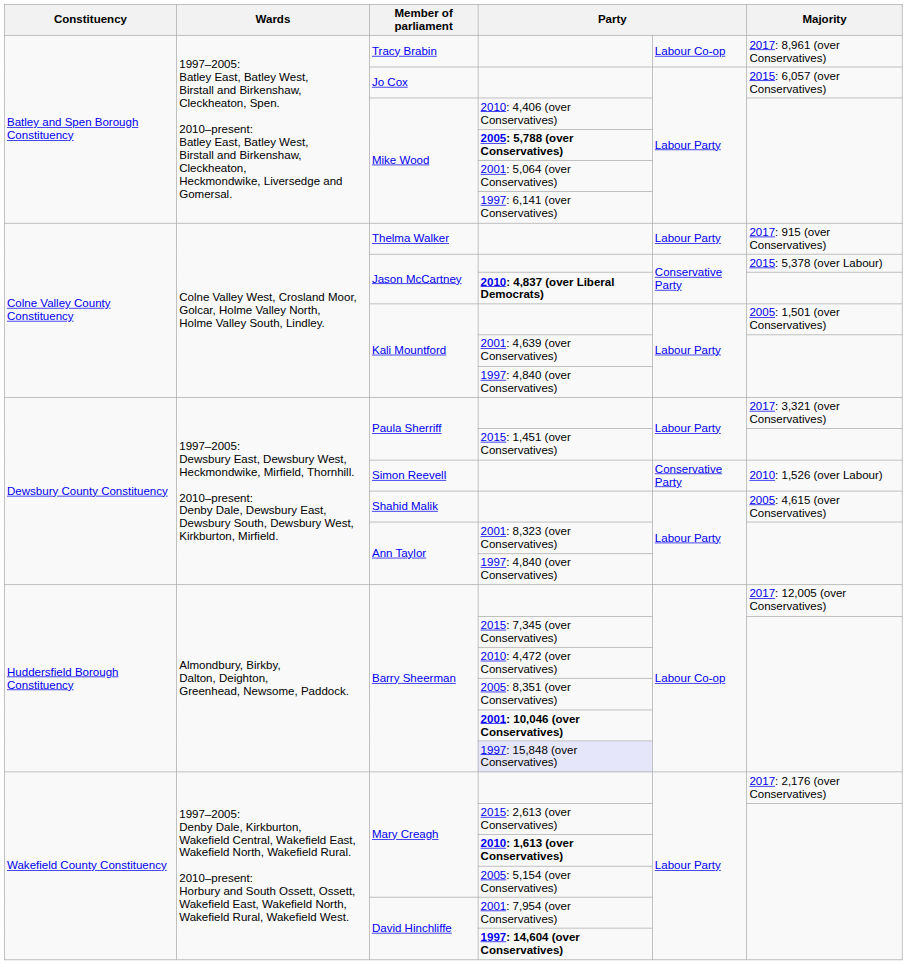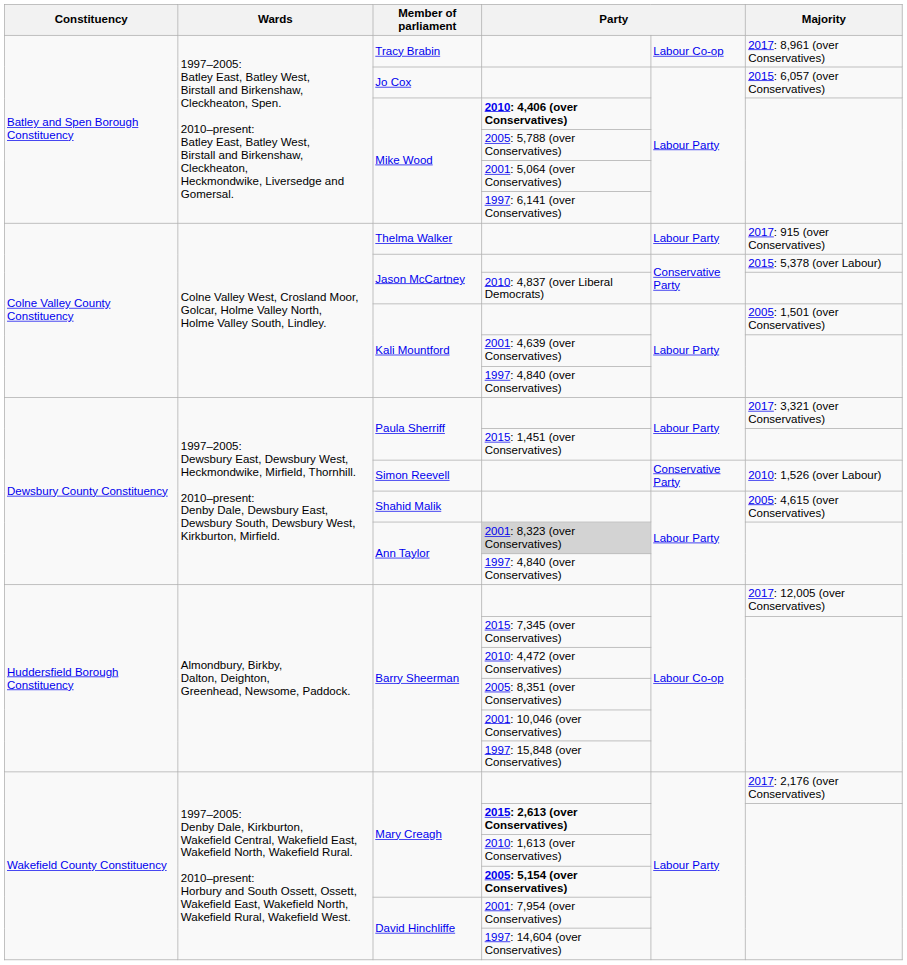 <table class="wikitable">
 <tr>
 <th>Constituency</th>
 <th>Wards</th>
 <th>Member of parliament</th>
 <th colspan=2>Party</th>
 <th>Majority</th>
 </tr>
 <tr>
 <td rowspan=6><a href='#'>Batley and Spen Borough Constituency</a></td>
 <td rowspan=6>1997–2005:<br>Batley East, Batley West,<br>Birstall and Birkenshaw, Cleckheaton, Spen.<br><br>2010–present:<br> Batley East, Batley West,<br>Birstall and Birkenshaw, Cleckheaton,<br>Heckmondwike, Liversedge and Gomersal.</td>
 <td><a href='#'>Tracy Brabin</a></td>
 <td style="color:inherit;background:"></td>
 <td><a href='#'>Labour Co-op</a></td>
 <td><a href='#'>2017</a>: 8,961 (over Conservatives)</td>
 </tr>
 <tr>
 <td><a href='#'>Jo Cox</a></td>
 <td style="color:inherit;background:"></td>
 <td rowspan=5><a href='#'>Labour Party</a></td>
 <td><a href='#'>2015</a>: 6,057 (over Conservatives)</td>
 </tr>
 <tr>
 <td rowspan=4><a href='#'>Mike Wood</a></td>
-<td><a href='#'>2010</a>: 4,406 (over Conservatives)</td>
+<td><strong><a href='#'>2010</a>: 4,406 (over Conservatives)</strong></td>
 </tr>
 <tr>
-<td><strong><a href='#'>2005</a>: 5,788 (over Conservatives)</strong></td>
+<td><a href='#'>2005</a>: 5,788 (over Conservatives)</td>
 </tr>
 <tr>
 <td><a href='#'>2001</a>: 5,064 (over Conservatives)</td>
 </tr>
 <tr>
 <td><a href='#'>1997</a>: 6,141 (over Conservatives)</td>
 </tr>
 <tr>
 <td rowspan=6><a href='#'>Colne Valley County Constituency</a></td>
 <td rowspan=6>Colne Valley West, Crosland Moor,<br> Golcar, Holme Valley North,<br> Holme Valley South, Lindley.</td>
 <td><a href='#'>Thelma Walker</a></td>
 <td style="color:inherit;background:"></td>
 <td><a href='#'>Labour Party</a></td>
 <td><a href='#'>2017</a>: 915 (over Conservatives)</td>
 </tr>
 <tr>
 <td rowspan=2><a href='#'>Jason McCartney</a></td>
 <td style="color:inherit;background:"></td>
 <td rowspan=2><a href='#'>Conservative Party</a></td>
 <td><a href='#'>2015</a>: 5,378 (over Labour)</td>
 </tr>
 <tr>
-<td><strong><a href='#'>2010</a>: 4,837 (over Liberal Democrats)</strong></td>
+<td><a href='#'>2010</a>: 4,837 (over Liberal Democrats)</td>
 </tr>
 <tr>
 <td rowspan=3><a href='#'>Kali Mountford</a></td>
 <td style="color:inherit;background:"></td>
 <td rowspan=3><a href='#'>Labour Party</a></td>
 <td><a href='#'>2005</a>: 1,501 (over Conservatives)</td>
 </tr>
 <tr>
 <td><a href='#'>2001</a>: 4,639 (over Conservatives)</td>
 </tr>
 <tr>
 <td><a href='#'>1997</a>: 4,840 (over Conservatives)</td>
 </tr>
 <tr>
 <td rowspan=6><a href='#'>Dewsbury County Constituency</a></td>
 <td rowspan=6>1997–2005:<br>Dewsbury East, Dewsbury West,<br>Heckmondwike, Mirfield, Thornhill.<br><br>2010–present:<br>Denby Dale, Dewsbury East,<br>Dewsbury South, Dewsbury West,<br>Kirkburton, Mirfield.</td>
 <td rowspan=2><a href='#'>Paula Sherriff</a></td>
 <td style="color:inherit;background:"></td>
 <td rowspan=2><a href='#'>Labour Party</a></td>
 <td><a href='#'>2017</a>: 3,321 (over Conservatives)</td>
 </tr>
 <tr>
 <td><a href='#'>2015</a>: 1,451 (over Conservatives)</td>
 </tr>
 <tr>
 <td><a href='#'>Simon Reevell</a></td>
 <td style="color:inherit;background:"></td>
 <td><a href='#'>Conservative Party</a></td>
 <td><a href='#'>2010</a>: 1,526 (over Labour)</td>
 </tr>
 <tr>
 <td><a href='#'>Shahid Malik</a></td>
 <td style="color:inherit;background:"></td>
 <td rowspan=3><a href='#'>Labour Party</a></td>
 <td><a href='#'>2005</a>: 4,615 (over Conservatives)</td>
 </tr>
 <tr>
 <td rowspan=2><a href='#'>Ann Taylor</a></td>
-<td><a href='#'>2001</a>: 8,323 (over Conservatives)</td>
+<td style="background: lightgrey;"><a href='#'>2001</a>: 8,323 (over Conservatives)</td>
 </tr>
 <tr>
 <td><a href='#'>1997</a>: 4,840 (over Conservatives)</td>
 </tr>
 <tr>
 <td rowspan=6><a href='#'>Huddersfield Borough Constituency</a></td>
 <td rowspan=6>Almondbury, Birkby,<br>Dalton, Deighton,<br>Greenhead, Newsome, Paddock.</td>
 <td rowspan=6><a href='#'>Barry Sheerman</a></td>
 <td style="color:inherit;background:"></td>
 <td rowspan=6><a href='#'>Labour Co-op</a></td>
 <td><a href='#'>2017</a>: 12,005 (over Conservatives)</td>
 </tr>
 <tr>
 <td><a href='#'>2015</a>: 7,345 (over Conservatives)</td>
 </tr>
 <tr>
 <td><a href='#'>2010</a>: 4,472 (over Conservatives)</td>
 </tr>
 <tr>
 <td><a href='#'>2005</a>: 8,351 (over Conservatives)</td>
 </tr>
 <tr>
-<td><strong><a href='#'>2001</a>: 10,046 (over Conservatives)</strong></td>
+<td><a href='#'>2001</a>: 10,046 (over Conservatives)</td>
 </tr>
 <tr>
-<td style="background: lavender;"><a href='#'>1997</a>: 15,848 (over Conservatives)</td>
+<td><a href='#'>1997</a>: 15,848 (over Conservatives)</td>
 </tr>
 <tr>
 <td rowspan=6><a href='#'>Wakefield County Constituency</a></td>
 <td rowspan=6>1997–2005:<br>Denby Dale, Kirkburton,<br>Wakefield Central, Wakefield East,<br>Wakefield North, Wakefield Rural.<br><br>2010–present:<br>Horbury and South Ossett, Ossett,<br>Wakefield East, Wakefield North,<br>Wakefield Rural, Wakefield West.</td>
 <td rowspan=4><a href='#'>Mary Creagh</a></td>
 <td style="color:inherit;background:"></td>
 <td rowspan=6><a href='#'>Labour Party</a></td>
 <td><a href='#'>2017</a>: 2,176 (over Conservatives)</td>
 </tr>
 <tr>
-<td><a href='#'>2015</a>: 2,613 (over Conservatives)</td>
+<td><strong><a href='#'>2015</a>: 2,613 (over Conservatives)</strong></td>
 </tr>
 <tr>
-<td><strong><a href='#'>2010</a>: 1,613 (over Conservatives)</strong></td>
+<td><a href='#'>2010</a>: 1,613 (over Conservatives)</td>
 </tr>
 <tr>
-<td><a href='#'>2005</a>: 5,154 (over Conservatives)</td>
+<td><strong><a href='#'>2005</a>: 5,154 (over Conservatives)</strong></td>
 </tr>
 <tr>
 <td rowspan=2><a href='#'>David Hinchliffe</a></td>
 <td><a href='#'>2001</a>: 7,954 (over Conservatives)</td>
 </tr>
 <tr>
-<td><strong><a href='#'>1997</a>: 14,604 (over Conservatives)</strong></td>
+<td><a href='#'>1997</a>: 14,604 (over Conservatives)</td>
 </tr>
 </table>
